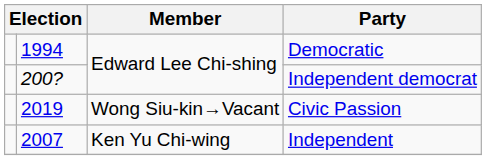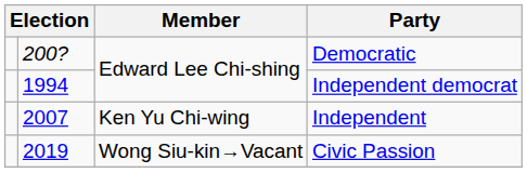 <table class="wikitable">
 <tr>
 <th colspan="2">Election</th>
 <th>Member</th>
 <th>Party</th>
 </tr>
 <tr>
 <td style="color:inherit;background:"></td>
-<td><a href='#'>1994</a></td>
+<td><em>200?</em></td>
 <td rowspan=2>Edward Lee Chi-shing</td>
 <td><a href='#'>Democratic</a></td>
 </tr>
 <tr>
 <td style="color:inherit;background:"></td>
-<td><em>200?</em></td>
+<td><a href='#'>1994</a></td>
 <td><a href='#'>Independent democrat</a></td>
+</tr>
+<tr>
+<td style="color:inherit;background:"></td>
+<td><a href='#'>2007</a></td>
+<td>Ken Yu Chi-wing</td>
+<td><a href='#'>Independent</a></td>
 </tr>
 <tr>
 <td style="color:inherit;background:"></td>
 <td><a href='#'>2019</a></td>
 <td>Wong Siu-kin→Vacant</td>
 <td><a href='#'>Civic Passion</a></td>
 </tr>
 <tr>
-<td style="color:inherit;background:"></td>
-<td><a href='#'>2007</a></td>
-<td>Ken Yu Chi-wing</td>
-<td><a href='#'>Independent</a></td>
-</tr>
-<tr>
 </tr>
 </table>
